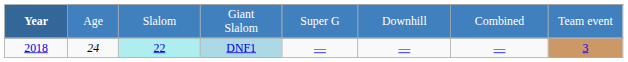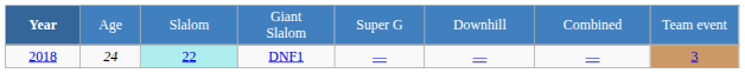 <table class="wikitable" style="font-size:95%; text-align:center; border:grey solid 1px; border-collapse:collapse;" width="40%">
 <tr style="background-color:#369; color:white;">
 <td rowspan="2" colspan="1" width="4%"><strong>Year</strong></td>
 </tr>
 <tr style="background-color:#4180be; color:white;">
 <td width="3%">Age</td>
 <td width="5%">Slalom</td>
 <td width="5%">Giant<br>Slalom</td>
 <td width="5%">Super G</td>
 <td width="5%">Downhill</td>
 <td width="5%">Combined</td>
 <td width="5%">Team event</td>
 </tr>
 <tr style="background-color:#8CB2D8; color:white;">
 </tr>
 <tr>
 <td><a href='#'>2018</a></td>
 <td><em>24</em></td>
 <td style="background: paleturquoise;"><a href='#'>22</a></td>
-<td style="background: lightblue;"><a href='#'>DNF1</a></td>
+<td><a href='#'>DNF1</a></td>
 <td><a href='#'>—</a></td>
 <td><a href='#'>—</a></td>
 <td><a href='#'>—</a></td>
 <td style="background:#c96;"><a href='#'>3</a></td>
 </tr>
 </table>
